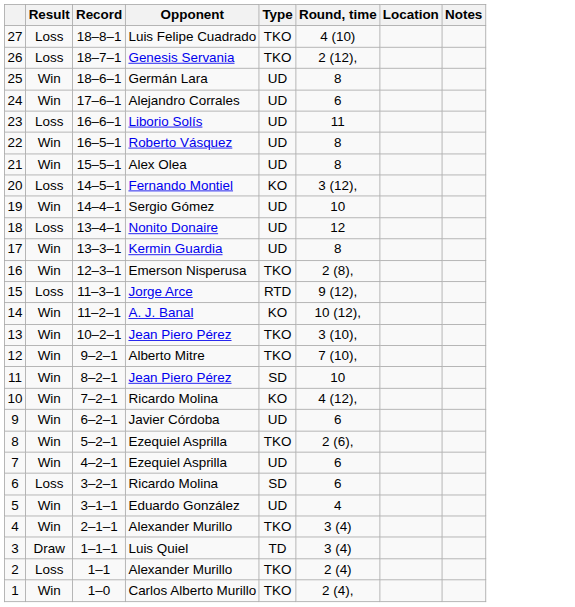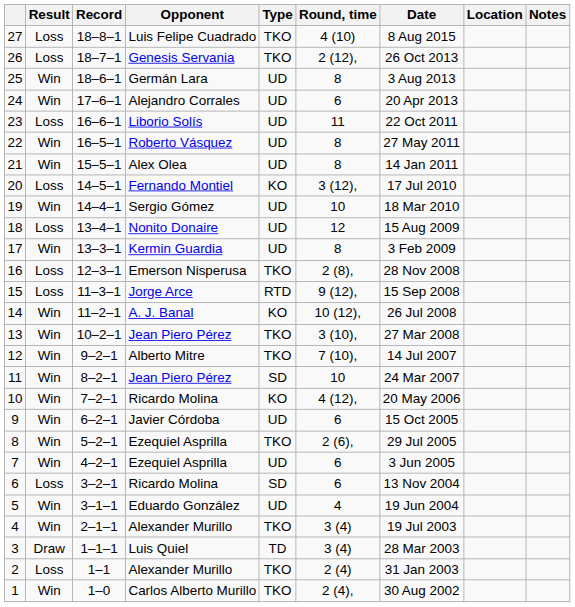 <table class="wikitable" style="text-align:center">
 <tr>
 <th></th>
 <th>Result</th>
 <th>Record</th>
 <th>Opponent</th>
 <th>Type</th>
 <th>Round, time</th>
+<th>Date</th>
 <th>Location</th>
 <th>Notes</th>
 </tr>
 <tr>
 <td>27</td>
 <td>Loss</td>
 <td>18–8–1</td>
 <td align=left>Luis Felipe Cuadrado</td>
 <td>TKO</td>
 <td>4 (10)</td>
+<td>8 Aug 2015</td>
 <td align=left></td>
 <td align=left></td>
 </tr>
 <tr>
 <td>26</td>
 <td>Loss</td>
 <td>18–7–1</td>
 <td align=left><a href='#'>Genesis Servania</a></td>
 <td>TKO</td>
 <td>2 (12), </td>
+<td>26 Oct 2013</td>
 <td align=left></td>
 <td align=left></td>
 </tr>
 <tr>
 <td>25</td>
 <td>Win</td>
 <td>18–6–1</td>
 <td align=left>Germán Lara</td>
 <td>UD</td>
 <td>8</td>
+<td>3 Aug 2013</td>
 <td align=left></td>
 <td></td>
 </tr>
 <tr>
 <td>24</td>
 <td>Win</td>
 <td>17–6–1</td>
 <td align=left>Alejandro Corrales</td>
 <td>UD</td>
 <td>6</td>
+<td>20 Apr 2013</td>
 <td align=left></td>
 <td></td>
 </tr>
 <tr>
 <td>23</td>
 <td>Loss</td>
 <td>16–6–1</td>
 <td align=left><a href='#'>Liborio Solís</a></td>
 <td>UD</td>
 <td>11</td>
+<td>22 Oct 2011</td>
 <td align=left></td>
 <td align=left></td>
 </tr>
 <tr>
 <td>22</td>
 <td>Win</td>
 <td>16–5–1</td>
 <td align=left><a href='#'>Roberto Vásquez</a></td>
 <td>UD</td>
 <td>8</td>
+<td>27 May 2011</td>
 <td align=left></td>
 <td></td>
 </tr>
 <tr>
 <td>21</td>
 <td>Win</td>
 <td>15–5–1</td>
 <td align=left>Alex Olea</td>
 <td>UD</td>
 <td>8</td>
+<td>14 Jan 2011</td>
 <td align=left></td>
 <td></td>
 </tr>
 <tr>
 <td>20</td>
 <td>Loss</td>
 <td>14–5–1</td>
 <td align=left><a href='#'>Fernando Montiel</a></td>
 <td>KO</td>
 <td>3 (12), </td>
+<td>17 Jul 2010</td>
 <td align=left></td>
 <td align=left></td>
 </tr>
 <tr>
 <td>19</td>
 <td>Win</td>
 <td>14–4–1</td>
 <td align=left>Sergio Gómez</td>
 <td>UD</td>
 <td>10</td>
+<td>18 Mar 2010</td>
 <td align=left></td>
 <td></td>
 </tr>
 <tr>
 <td>18</td>
 <td>Loss</td>
 <td>13–4–1</td>
 <td align=left><a href='#'>Nonito Donaire</a></td>
 <td>UD</td>
 <td>12</td>
+<td>15 Aug 2009</td>
 <td align=left></td>
 <td align=left></td>
 </tr>
 <tr>
 <td>17</td>
 <td>Win</td>
 <td>13–3–1</td>
 <td align=left><a href='#'>Kermin Guardia</a></td>
 <td>UD</td>
 <td>8</td>
+<td>3 Feb 2009</td>
 <td align=left></td>
 <td></td>
 </tr>
 <tr>
 <td>16</td>
-<td>Win</td>
+<td>Loss</td>
 <td>12–3–1</td>
 <td align=left>Emerson Nisperusa</td>
 <td>TKO</td>
 <td>2 (8), </td>
+<td>28 Nov 2008</td>
 <td align=left></td>
 <td></td>
 </tr>
 <tr>
 <td>15</td>
 <td>Loss</td>
 <td>11–3–1</td>
 <td align=left><a href='#'>Jorge Arce</a></td>
 <td>RTD</td>
 <td>9 (12), </td>
+<td>15 Sep 2008</td>
 <td align=left></td>
 <td align=left></td>
 </tr>
 <tr>
 <td>14</td>
 <td>Win</td>
 <td>11–2–1</td>
 <td align=left><a href='#'>A. J. Banal</a></td>
 <td>KO</td>
 <td>10 (12), </td>
+<td>26 Jul 2008</td>
 <td align=left></td>
 <td align=left></td>
 </tr>
 <tr>
 <td>13</td>
 <td>Win</td>
 <td>10–2–1</td>
 <td align=left><a href='#'>Jean Piero Pérez</a></td>
 <td>TKO</td>
 <td>3 (10), </td>
+<td>27 Mar 2008</td>
 <td align=left></td>
 <td></td>
 </tr>
 <tr>
 <td>12</td>
 <td>Win</td>
 <td>9–2–1</td>
 <td align=left>Alberto Mitre</td>
 <td>TKO</td>
 <td>7 (10), </td>
+<td>14 Jul 2007</td>
 <td align=left></td>
 <td></td>
 </tr>
 <tr>
 <td>11</td>
 <td>Win</td>
 <td>8–2–1</td>
 <td align=left><a href='#'>Jean Piero Pérez</a></td>
 <td>SD</td>
 <td>10</td>
+<td>24 Mar 2007</td>
 <td align=left></td>
 <td align=left></td>
 </tr>
 <tr>
 <td>10</td>
 <td>Win</td>
 <td>7–2–1</td>
 <td align=left>Ricardo Molina</td>
 <td>KO</td>
 <td>4 (12), </td>
+<td>20 May 2006</td>
 <td align=left></td>
 <td align=left></td>
 </tr>
 <tr>
 <td>9</td>
 <td>Win</td>
 <td>6–2–1</td>
 <td align=left>Javier Córdoba</td>
 <td>UD</td>
 <td>6</td>
+<td>15 Oct 2005</td>
 <td align=left></td>
 <td></td>
 </tr>
 <tr>
 <td>8</td>
 <td>Win</td>
 <td>5–2–1</td>
 <td align=left>Ezequiel Asprilla</td>
 <td>TKO</td>
 <td>2 (6), </td>
+<td>29 Jul 2005</td>
 <td align=left></td>
 <td></td>
 </tr>
 <tr>
 <td>7</td>
 <td>Win</td>
 <td>4–2–1</td>
 <td align=left>Ezequiel Asprilla</td>
 <td>UD</td>
 <td>6</td>
+<td>3 Jun 2005</td>
 <td align=left></td>
 <td></td>
 </tr>
 <tr>
 <td>6</td>
 <td>Loss</td>
 <td>3–2–1</td>
 <td align=left>Ricardo Molina</td>
 <td>SD</td>
 <td>6</td>
+<td>13 Nov 2004</td>
 <td align=left></td>
 <td></td>
 </tr>
 <tr>
 <td>5</td>
 <td>Win</td>
 <td>3–1–1</td>
 <td align=left>Eduardo González</td>
 <td>UD</td>
 <td>4</td>
+<td>19 Jun 2004</td>
 <td align=left></td>
 <td></td>
 </tr>
 <tr>
 <td>4</td>
 <td>Win</td>
 <td>2–1–1</td>
 <td align=left>Alexander Murillo</td>
 <td>TKO</td>
 <td>3 (4)</td>
+<td>19 Jul 2003</td>
 <td align=left></td>
 <td></td>
 </tr>
 <tr>
 <td>3</td>
 <td>Draw</td>
 <td>1–1–1</td>
 <td align=left>Luis Quiel</td>
 <td>TD</td>
 <td>3 (4)</td>
+<td>28 Mar 2003</td>
 <td align=left></td>
 <td></td>
 </tr>
 <tr>
 <td>2</td>
 <td>Loss</td>
 <td>1–1</td>
 <td align=left>Alexander Murillo</td>
 <td>TKO</td>
 <td>2 (4)</td>
+<td>31 Jan 2003</td>
 <td align=left></td>
 <td></td>
 </tr>
 <tr>
 <td>1</td>
 <td>Win</td>
 <td>1–0</td>
 <td align=left>Carlos Alberto Murillo</td>
 <td>TKO</td>
 <td>2 (4), </td>
+<td>30 Aug 2002</td>
 <td align=left></td>
 <td></td>
 </tr>
 </table>
